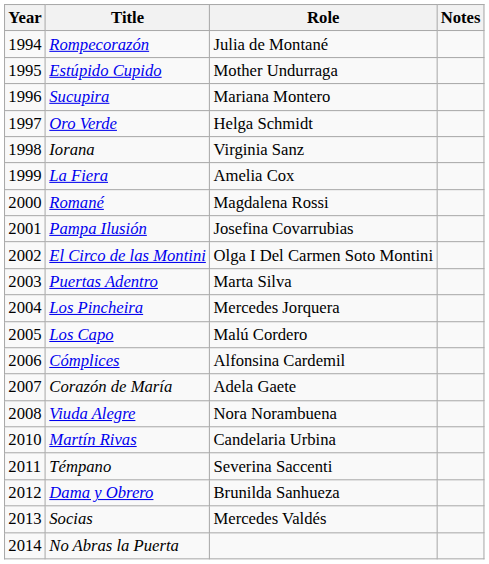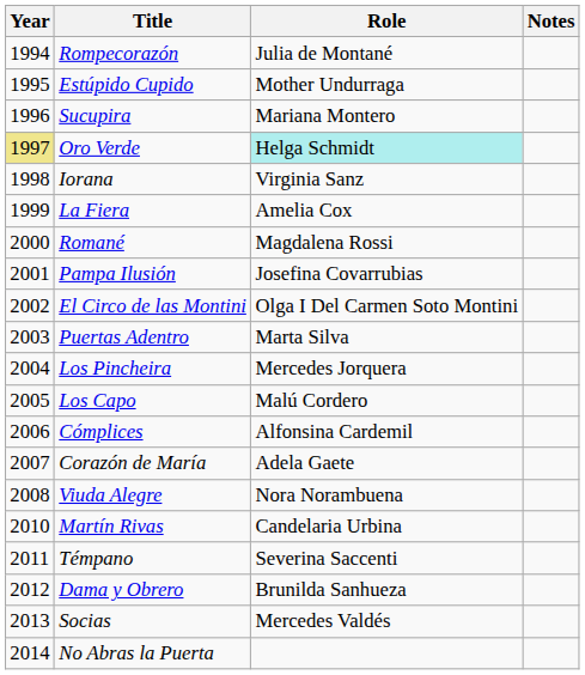 <table class="wikitable sortable">
 <tr>
 <th>Year</th>
 <th>Title</th>
 <th>Role</th>
 <th class="unsortable">Notes</th>
 </tr>
 <tr>
 <td>1994</td>
 <td><em><a href='#'>Rompecorazón</a></em></td>
 <td>Julia de Montané</td>
 <td></td>
 </tr>
 <tr>
 <td>1995</td>
 <td><em><a href='#'>Estúpido Cupido</a></em></td>
 <td>Mother Undurraga</td>
 <td></td>
 </tr>
 <tr>
 <td>1996</td>
 <td><em><a href='#'>Sucupira</a></em></td>
 <td>Mariana Montero</td>
 <td></td>
 </tr>
 <tr>
-<td>1997</td>
+<td style="background: khaki;">1997</td>
 <td><em><a href='#'>Oro Verde</a></em></td>
-<td>Helga Schmidt</td>
+<td style="background: paleturquoise;">Helga Schmidt</td>
 <td></td>
 </tr>
 <tr>
 <td>1998</td>
 <td><em>Iorana</em></td>
 <td>Virginia Sanz</td>
 <td></td>
 </tr>
 <tr>
 <td>1999</td>
 <td><em><a href='#'>La Fiera</a></em></td>
 <td>Amelia Cox</td>
 <td></td>
 </tr>
 <tr>
 <td>2000</td>
 <td><em><a href='#'>Romané</a></em></td>
 <td>Magdalena Rossi</td>
 <td></td>
 </tr>
 <tr>
 <td>2001</td>
 <td><em><a href='#'>Pampa Ilusión</a></em></td>
 <td>Josefina Covarrubias</td>
 <td></td>
 </tr>
 <tr>
 <td>2002</td>
 <td><em><a href='#'>El Circo de las Montini</a></em></td>
 <td>Olga I Del Carmen Soto Montini</td>
 <td></td>
 </tr>
 <tr>
 <td>2003</td>
 <td><em><a href='#'>Puertas Adentro</a></em></td>
 <td>Marta Silva</td>
 <td></td>
 </tr>
 <tr>
 <td>2004</td>
 <td><em><a href='#'>Los Pincheira</a></em></td>
 <td>Mercedes Jorquera</td>
 <td></td>
 </tr>
 <tr>
 <td>2005</td>
 <td><em><a href='#'>Los Capo</a></em></td>
 <td>Malú Cordero</td>
 <td></td>
 </tr>
 <tr>
 <td>2006</td>
 <td><em><a href='#'>Cómplices</a></em></td>
 <td>Alfonsina Cardemil</td>
 <td></td>
 </tr>
 <tr>
 <td>2007</td>
 <td><em>Corazón de María</em></td>
 <td>Adela Gaete</td>
 <td></td>
 </tr>
 <tr>
 <td>2008</td>
 <td><em><a href='#'>Viuda Alegre</a></em></td>
 <td>Nora Norambuena</td>
 <td></td>
 </tr>
 <tr>
 <td>2010</td>
 <td><em><a href='#'>Martín Rivas</a></em></td>
 <td>Candelaria Urbina</td>
 <td></td>
 </tr>
 <tr>
 <td>2011</td>
 <td><em>Témpano</em></td>
 <td>Severina Saccenti</td>
 <td></td>
 </tr>
 <tr>
 <td>2012</td>
 <td><em><a href='#'>Dama y Obrero</a></em></td>
 <td>Brunilda Sanhueza</td>
 <td></td>
 </tr>
 <tr>
 <td>2013</td>
 <td><em>Socias</em></td>
 <td>Mercedes Valdés</td>
 <td></td>
 </tr>
 <tr>
 <td>2014</td>
 <td><em>No Abras la Puerta</em></td>
 <td></td>
 </tr>
 </table>
